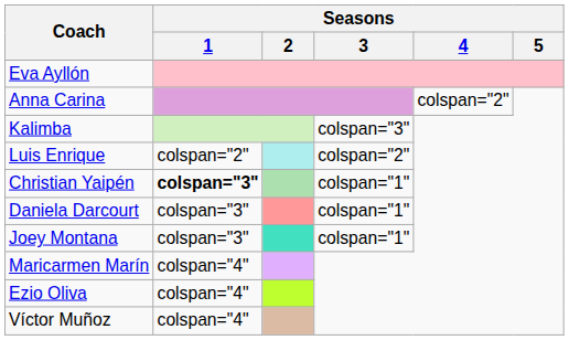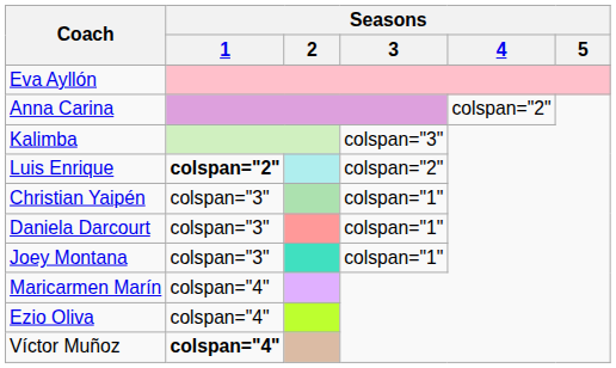 <table class="wikitable">
 <tr>
 <th rowspan="2">Coach</th>
 <th colspan="5">Seasons</th>
 </tr>
 <tr>
 <th width="40"><a href='#'>1</a></th>
 <th width="40">2</th>
 <th width="40">3</th>
 <th width="40"><a href='#'>4</a></th>
 <th width="40">5</th>
 </tr>
 <tr>
 <td><a href='#'>Eva Ayllón</a></td>
 <td colspan="5" style="background:pink"></td>
 </tr>
 <tr>
 <td><a href='#'>Anna Carina</a></td>
 <td colspan="3" style="background:#dda0dd"></td>
 <td>colspan="2" </td>
 </tr>
 <tr>
 <td><a href='#'>Kalimba</a></td>
 <td colspan="2" style="background:#d0f0c0"></td>
 <td>colspan="3" </td>
 </tr>
 <tr>
 <td><a href='#'>Luis Enrique</a></td>
-<td>colspan="2" </td>
+<td><strong>colspan="2" </strong></td>
 <td style="background:#afeeee"></td>
 <td>colspan="2" </td>
 </tr>
 <tr>
 <td><a href='#'>Christian Yaipén</a></td>
-<td><strong>colspan="3" </strong></td>
+<td>colspan="3" </td>
 <td style="background:#ace1af"></td>
 <td>colspan="1" </td>
 </tr>
 <tr>
 <td><a href='#'>Daniela Darcourt</a></td>
 <td>colspan="3" </td>
 <td style="background:#ff9999"></td>
 <td>colspan="1" </td>
 </tr>
 <tr>
 <td><a href='#'>Joey Montana</a></td>
 <td>colspan="3" </td>
 <td style="background:#40e0c0"></td>
 <td>colspan="1" </td>
 </tr>
 <tr>
 <td><a href='#'>Maricarmen Marín</a></td>
 <td>colspan="4" </td>
 <td style="background:#E0B0FF"></td>
 </tr>
 <tr>
 <td><a href='#'>Ezio Oliva</a></td>
 <td>colspan="4" </td>
 <td style="background:#bdff2f"></td>
 </tr>
 <tr>
 <td>Víctor Muñoz</td>
-<td>colspan="4" </td>
+<td><strong>colspan="4" </strong></td>
 <td style="background:#dbbba4"></td>
 </tr>
 </table>
